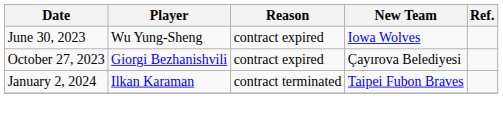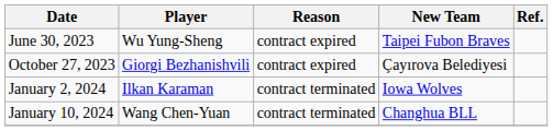 <table class="wikitable">
 <tr>
 <th>Date</th>
 <th>Player</th>
 <th>Reason</th>
 <th>New Team</th>
 <th>Ref.</th>
 </tr>
 <tr>
 <td>June 30, 2023</td>
 <td>Wu Yung-Sheng</td>
 <td>contract expired</td>
-<td><a href='#'>Iowa Wolves</a></td>
+<td><a href='#'>Taipei Fubon Braves</a></td>
 <td></td>
 </tr>
 <tr>
 <td>October 27, 2023</td>
 <td><a href='#'>Giorgi Bezhanishvili</a></td>
 <td>contract expired</td>
 <td>Çayırova Belediyesi</td>
 <td></td>
 </tr>
 <tr>
 <td>January 2, 2024</td>
 <td><a href='#'>Ilkan Karaman</a></td>
 <td>contract terminated</td>
-<td><a href='#'>Taipei Fubon Braves</a></td>
+<td><a href='#'>Iowa Wolves</a></td>
+<td></td>
+</tr>
+<tr>
+<td>January 10, 2024</td>
+<td>Wang Chen-Yuan</td>
+<td>contract terminated</td>
+<td><a href='#'>Changhua BLL</a></td>
 <td></td>
 </tr>
 <tr>
 </tr>
 </table>
